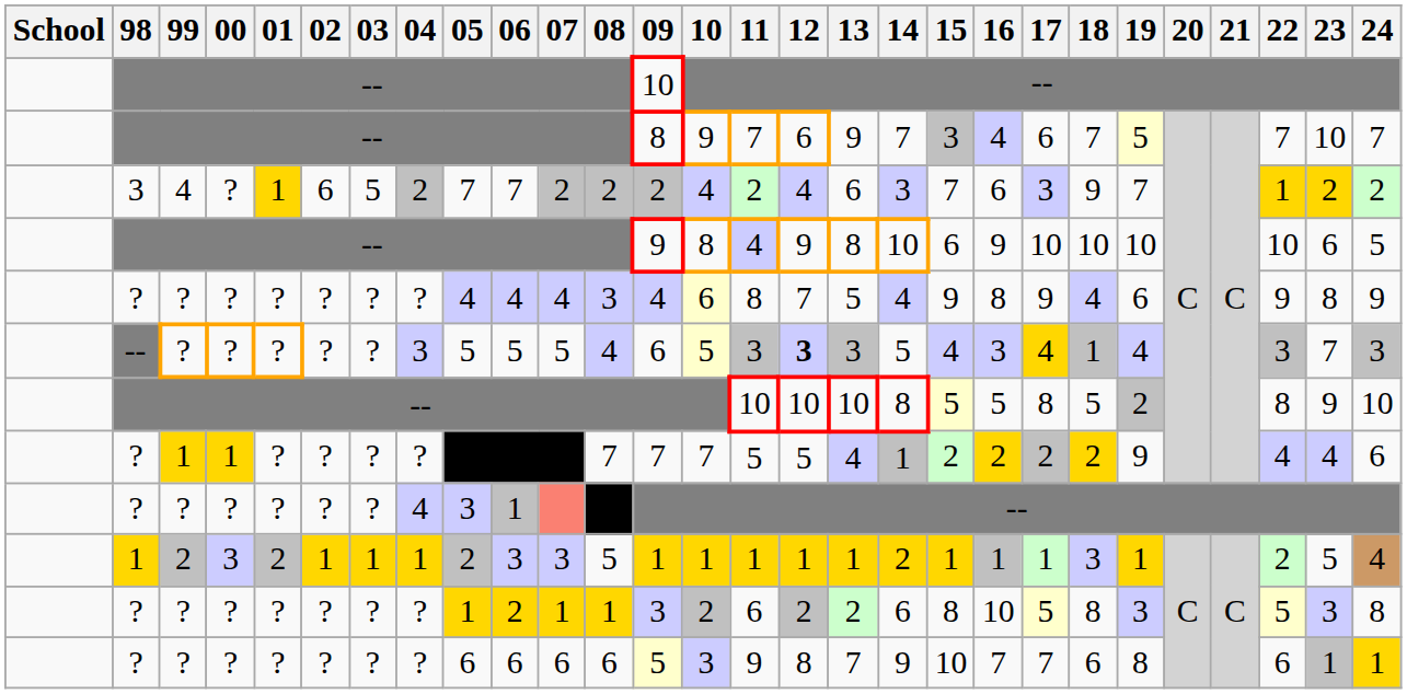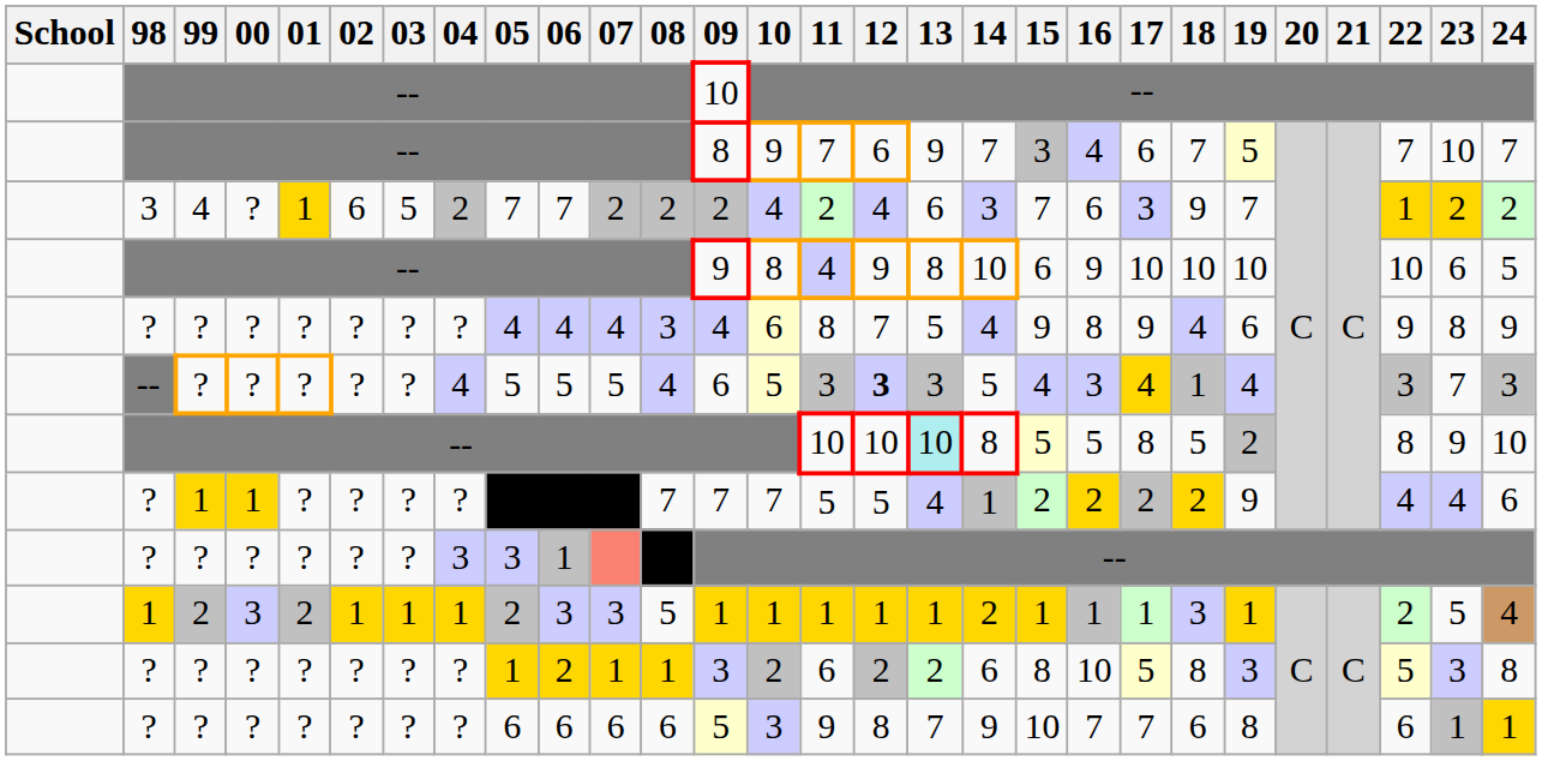 <table class=wikitable>
 <tr>
 <th>School</th>
 <th>98</th>
 <th>99</th>
 <th>00</th>
 <th>01</th>
 <th>02</th>
 <th>03</th>
 <th>04</th>
 <th>05</th>
 <th>06</th>
 <th>07</th>
 <th>08</th>
 <th>09</th>
 <th>10</th>
 <th>11</th>
 <th>12</th>
 <th>13</th>
 <th>14</th>
 <th>15</th>
 <th>16</th>
 <th>17</th>
 <th>18</th>
 <th>19</th>
 <th>20</th>
 <th>21</th>
 <th>22</th>
 <th>23</th>
 <th>24</th>
 </tr>
 <tr align=center>
 <td align=left><strong></strong></td>
 <td bgcolor=gray colspan=11>--</td>
 <td style="border: 2px solid red;">10</td>
 <td bgcolor=gray colspan=15>--</td>
 </tr>
 <tr align=center>
 <td align=left><strong></strong></td>
 <td bgcolor=gray colspan=11>--</td>
 <td style="border: 2px solid red;">8</td>
 <td style="border: 2px solid orange;">9</td>
 <td style="border: 2px solid orange;">7</td>
 <td style="border: 2px solid orange;">6</td>
 <td>9</td>
 <td>7</td>
 <td bgcolor=silver>3</td>
 <td bgcolor=ccccff>4</td>
 <td>6</td>
 <td>7</td>
 <td bgcolor=FFFFCC>5</td>
 <td bgcolor=D3D3D3 rowspan=7>C</td>
 <td bgcolor=D3D3D3 rowspan=7>C</td>
 <td>7</td>
 <td>10</td>
 <td>7</td>
 </tr>
 <tr align=center>
 <td align=left><strong></strong></td>
 <td>3</td>
 <td>4</td>
 <td>?</td>
 <td bgcolor=gold>1</td>
 <td>6</td>
 <td>5</td>
 <td bgcolor=silver>2</td>
 <td>7</td>
 <td>7</td>
 <td bgcolor=silver>2</td>
 <td bgcolor=silver>2</td>
 <td bgcolor=silver>2</td>
 <td bgcolor=ccccff>4</td>
 <td bgcolor=CCFFCC>2</td>
 <td bgcolor=ccccff>4</td>
 <td>6</td>
 <td bgcolor=ccccff>3</td>
 <td>7</td>
 <td>6</td>
 <td bgcolor=ccccff>3</td>
 <td>9</td>
 <td>7</td>
 <td bgcolor=gold>1</td>
 <td bgcolor=gold>2</td>
 <td bgcolor=CCFFCC>2</td>
 </tr>
 <tr align=center>
 <td align=left><strong></strong></td>
 <td bgcolor=gray colspan=11>--</td>
 <td style="border: 2px solid red;">9</td>
 <td style="border: 2px solid orange;">8</td>
 <td style="border: 2px solid orange;" bgcolor=ccccff>4</td>
 <td style="border: 2px solid orange;">9</td>
 <td style="border: 2px solid orange;">8</td>
 <td style="border: 2px solid orange;">10</td>
 <td>6</td>
 <td>9</td>
 <td>10</td>
 <td>10</td>
 <td>10</td>
 <td>10</td>
 <td>6</td>
 <td>5</td>
 </tr>
 <tr align=center>
 <td align=left><strong></strong></td>
 <td>?</td>
 <td>?</td>
 <td>?</td>
 <td>?</td>
 <td>?</td>
 <td>?</td>
 <td>?</td>
 <td bgcolor=ccccff>4</td>
 <td bgcolor=ccccff>4</td>
 <td bgcolor=ccccff>4</td>
 <td bgcolor=ccccff>3</td>
 <td bgcolor=ccccff>4</td>
 <td bgcolor=FFFFCC>6</td>
 <td>8</td>
 <td>7</td>
 <td>5</td>
 <td bgcolor=ccccff>4</td>
 <td>9</td>
 <td>8</td>
 <td>9</td>
 <td bgcolor=ccccff>4</td>
 <td>6</td>
 <td>9</td>
 <td>8</td>
 <td>9</td>
 </tr>
 <tr align=center>
 <td align=left><strong></strong></td>
 <td bgcolor=gray>--</td>
 <td style="border: 2px solid orange;">?</td>
 <td style="border: 2px solid orange;">?</td>
 <td style="border: 2px solid orange;">?</td>
 <td>?</td>
 <td>?</td>
-<td bgcolor=ccccff>3</td>
+<td bgcolor=ccccff>4</td>
 <td>5</td>
 <td>5</td>
 <td>5</td>
 <td bgcolor=ccccff>4</td>
 <td>6</td>
 <td bgcolor=FFFFCC>5</td>
 <td bgcolor=silver>3</td>
 <td bgcolor=ccccff><strong>3</strong></td>
 <td bgcolor=silver>3</td>
 <td>5</td>
 <td bgcolor=ccccff>4</td>
 <td bgcolor=ccccff>3</td>
 <td bgcolor=gold>4</td>
 <td bgcolor=silver>1</td>
 <td bgcolor=ccccff>4</td>
 <td bgcolor=silver>3</td>
 <td>7</td>
 <td bgcolor=silver>3</td>
 </tr>
 <tr align=center>
 <td align=left><strong></strong></td>
 <td bgcolor=gray colspan=13>--</td>
 <td style="border: 2px solid red;">10</td>
 <td style="border: 2px solid red;">10</td>
-<td style="border: 2px solid red;">10</td>
+<td style="background: paleturquoise; border: 2px solid red;">10</td>
 <td style="border: 2px solid red;">8</td>
 <td bgcolor=FFFFCC>5</td>
 <td>5</td>
 <td>8</td>
 <td>5</td>
 <td bgcolor=silver>2</td>
 <td>8</td>
 <td>9</td>
 <td>10</td>
 </tr>
 <tr align=center>
 <td align=left><strong></strong></td>
 <td>?</td>
 <td bgcolor=gold>1</td>
 <td bgcolor=gold>1</td>
 <td>?</td>
 <td>?</td>
 <td>?</td>
 <td>?</td>
 <td bgcolor=black colspan=3></td>
 <td>7</td>
 <td>7</td>
 <td>7</td>
 <td>5</td>
 <td>5</td>
 <td bgcolor=ccccff>4</td>
 <td bgcolor=silver>1</td>
 <td bgcolor=CCFFCC>2</td>
 <td bgcolor=gold>2</td>
 <td bgcolor=silver>2</td>
 <td bgcolor=gold>2</td>
 <td>9</td>
 <td bgcolor=ccccff>4</td>
 <td bgcolor=ccccff>4</td>
 <td>6</td>
 </tr>
 <tr align=center>
 <td align=left><strong></strong></td>
 <td>?</td>
 <td>?</td>
 <td>?</td>
 <td>?</td>
 <td>?</td>
 <td>?</td>
-<td bgcolor=ccccff>4</td>
+<td bgcolor=ccccff>3</td>
 <td bgcolor=ccccff>3</td>
 <td bgcolor=silver>1</td>
 <td bgcolor=salmon></td>
 <td bgcolor=black></td>
 <td bgcolor=gray colspan=16>--</td>
 </tr>
 <tr align=center>
 <td align=left><strong></strong></td>
 <td bgcolor=gold>1</td>
 <td bgcolor=silver>2</td>
 <td bgcolor=ccccff>3</td>
 <td bgcolor=silver>2</td>
 <td bgcolor=gold>1</td>
 <td bgcolor=gold>1</td>
 <td bgcolor=gold>1</td>
 <td bgcolor=silver>2</td>
 <td bgcolor=ccccff>3</td>
 <td bgcolor=ccccff>3</td>
 <td>5</td>
 <td bgcolor=gold>1</td>
 <td bgcolor=gold>1</td>
 <td bgcolor=gold>1</td>
 <td bgcolor=gold>1</td>
 <td bgcolor=gold>1</td>
 <td bgcolor=gold>2</td>
 <td bgcolor=gold>1</td>
 <td bgcolor=silver>1</td>
 <td bgcolor=CCFFCC>1</td>
 <td bgcolor=ccccff>3</td>
 <td bgcolor=gold>1</td>
 <td bgcolor=D3D3D3 rowspan=3>C</td>
 <td bgcolor=D3D3D3 rowspan=3>C</td>
 <td bgcolor=CCFFCC>2</td>
 <td>5</td>
 <td bgcolor=#c96>4</td>
 </tr>
 <tr align=center>
 <td align=left><strong></strong></td>
 <td>?</td>
 <td>?</td>
 <td>?</td>
 <td>?</td>
 <td>?</td>
 <td>?</td>
 <td>?</td>
 <td bgcolor=gold>1</td>
 <td bgcolor=gold>2</td>
 <td bgcolor=gold>1</td>
 <td bgcolor=gold>1</td>
 <td bgcolor=ccccff>3</td>
 <td bgcolor=silver>2</td>
 <td>6</td>
 <td bgcolor=silver>2</td>
 <td bgcolor=CCFFCC>2</td>
 <td>6</td>
 <td>8</td>
 <td>10</td>
 <td bgcolor=FFFFCC>5</td>
 <td>8</td>
 <td bgcolor=ccccff>3</td>
 <td bgcolor=FFFFCC>5</td>
 <td bgcolor=ccccff>3</td>
 <td>8</td>
 </tr>
 <tr align=center>
 <td align=left><strong></strong></td>
 <td>?</td>
 <td>?</td>
 <td>?</td>
 <td>?</td>
 <td>?</td>
 <td>?</td>
 <td>?</td>
 <td>6</td>
 <td>6</td>
 <td>6</td>
 <td>6</td>
 <td bgcolor=FFFFCC>5</td>
 <td bgcolor=ccccff>3</td>
 <td>9</td>
 <td>8</td>
 <td>7</td>
 <td>9</td>
 <td>10</td>
 <td>7</td>
 <td>7</td>
 <td>6</td>
 <td>8</td>
 <td>6</td>
 <td bgcolor=silver>1</td>
 <td bgcolor=gold>1</td>
 </tr>
 </table>
